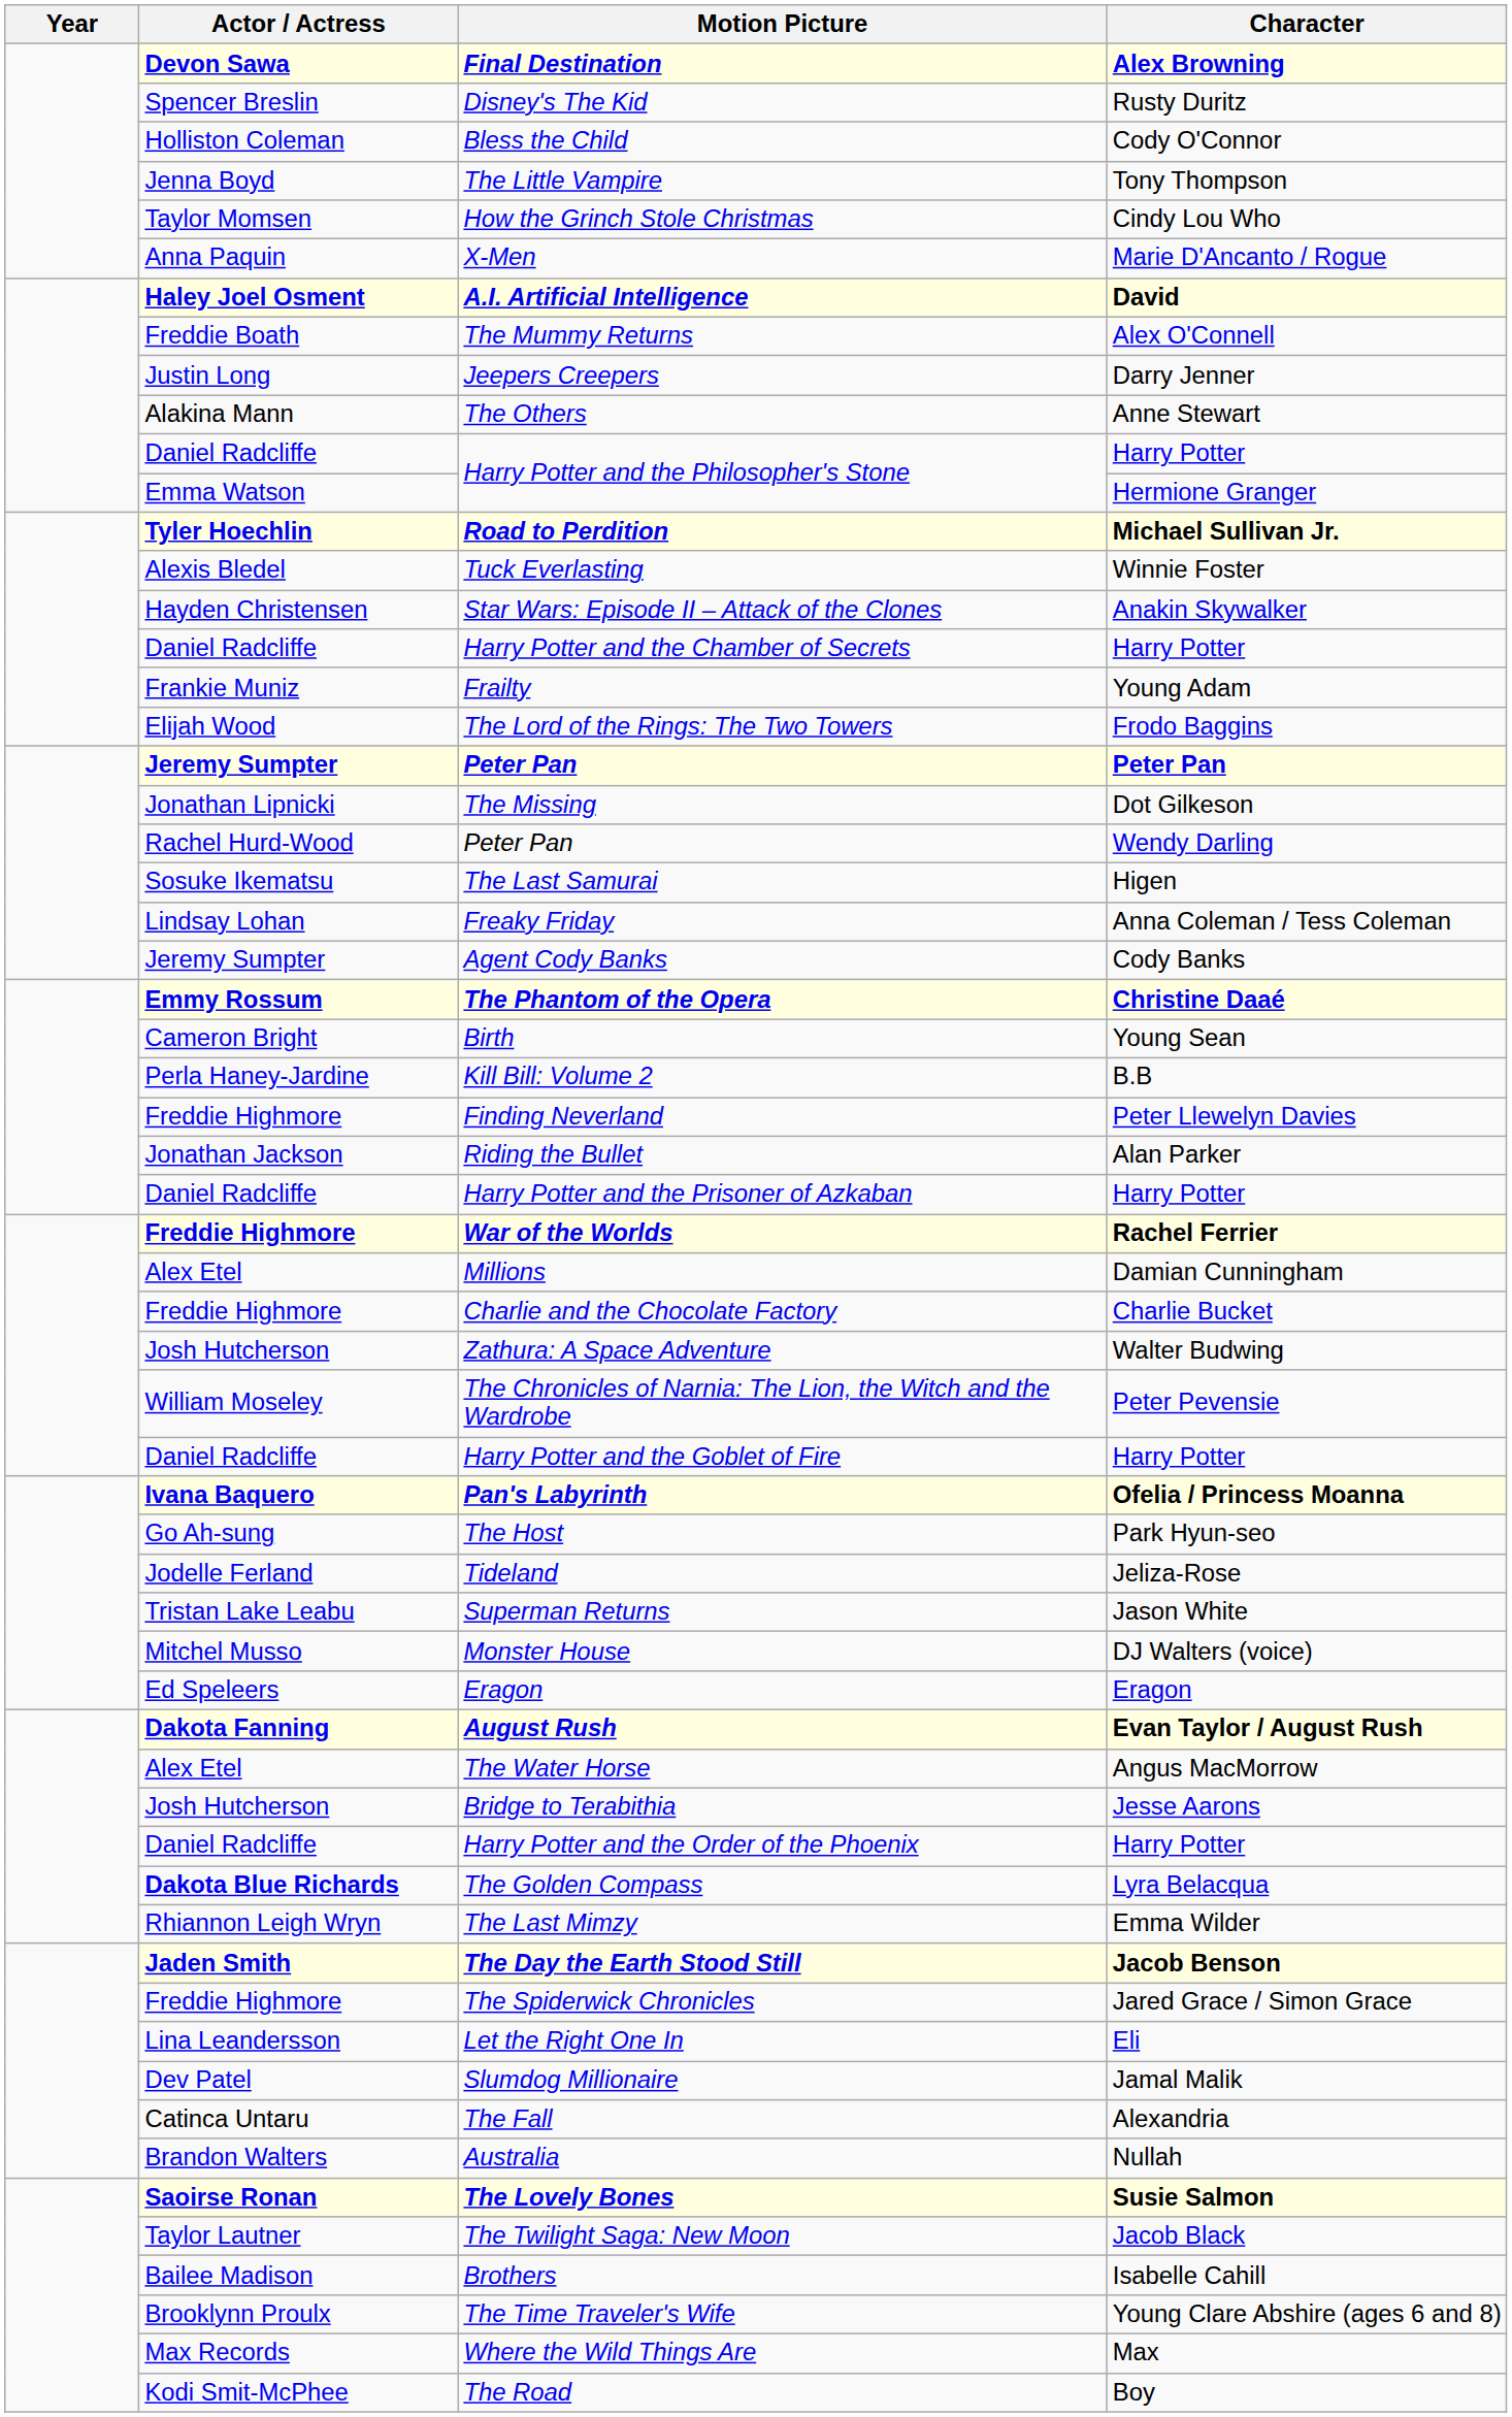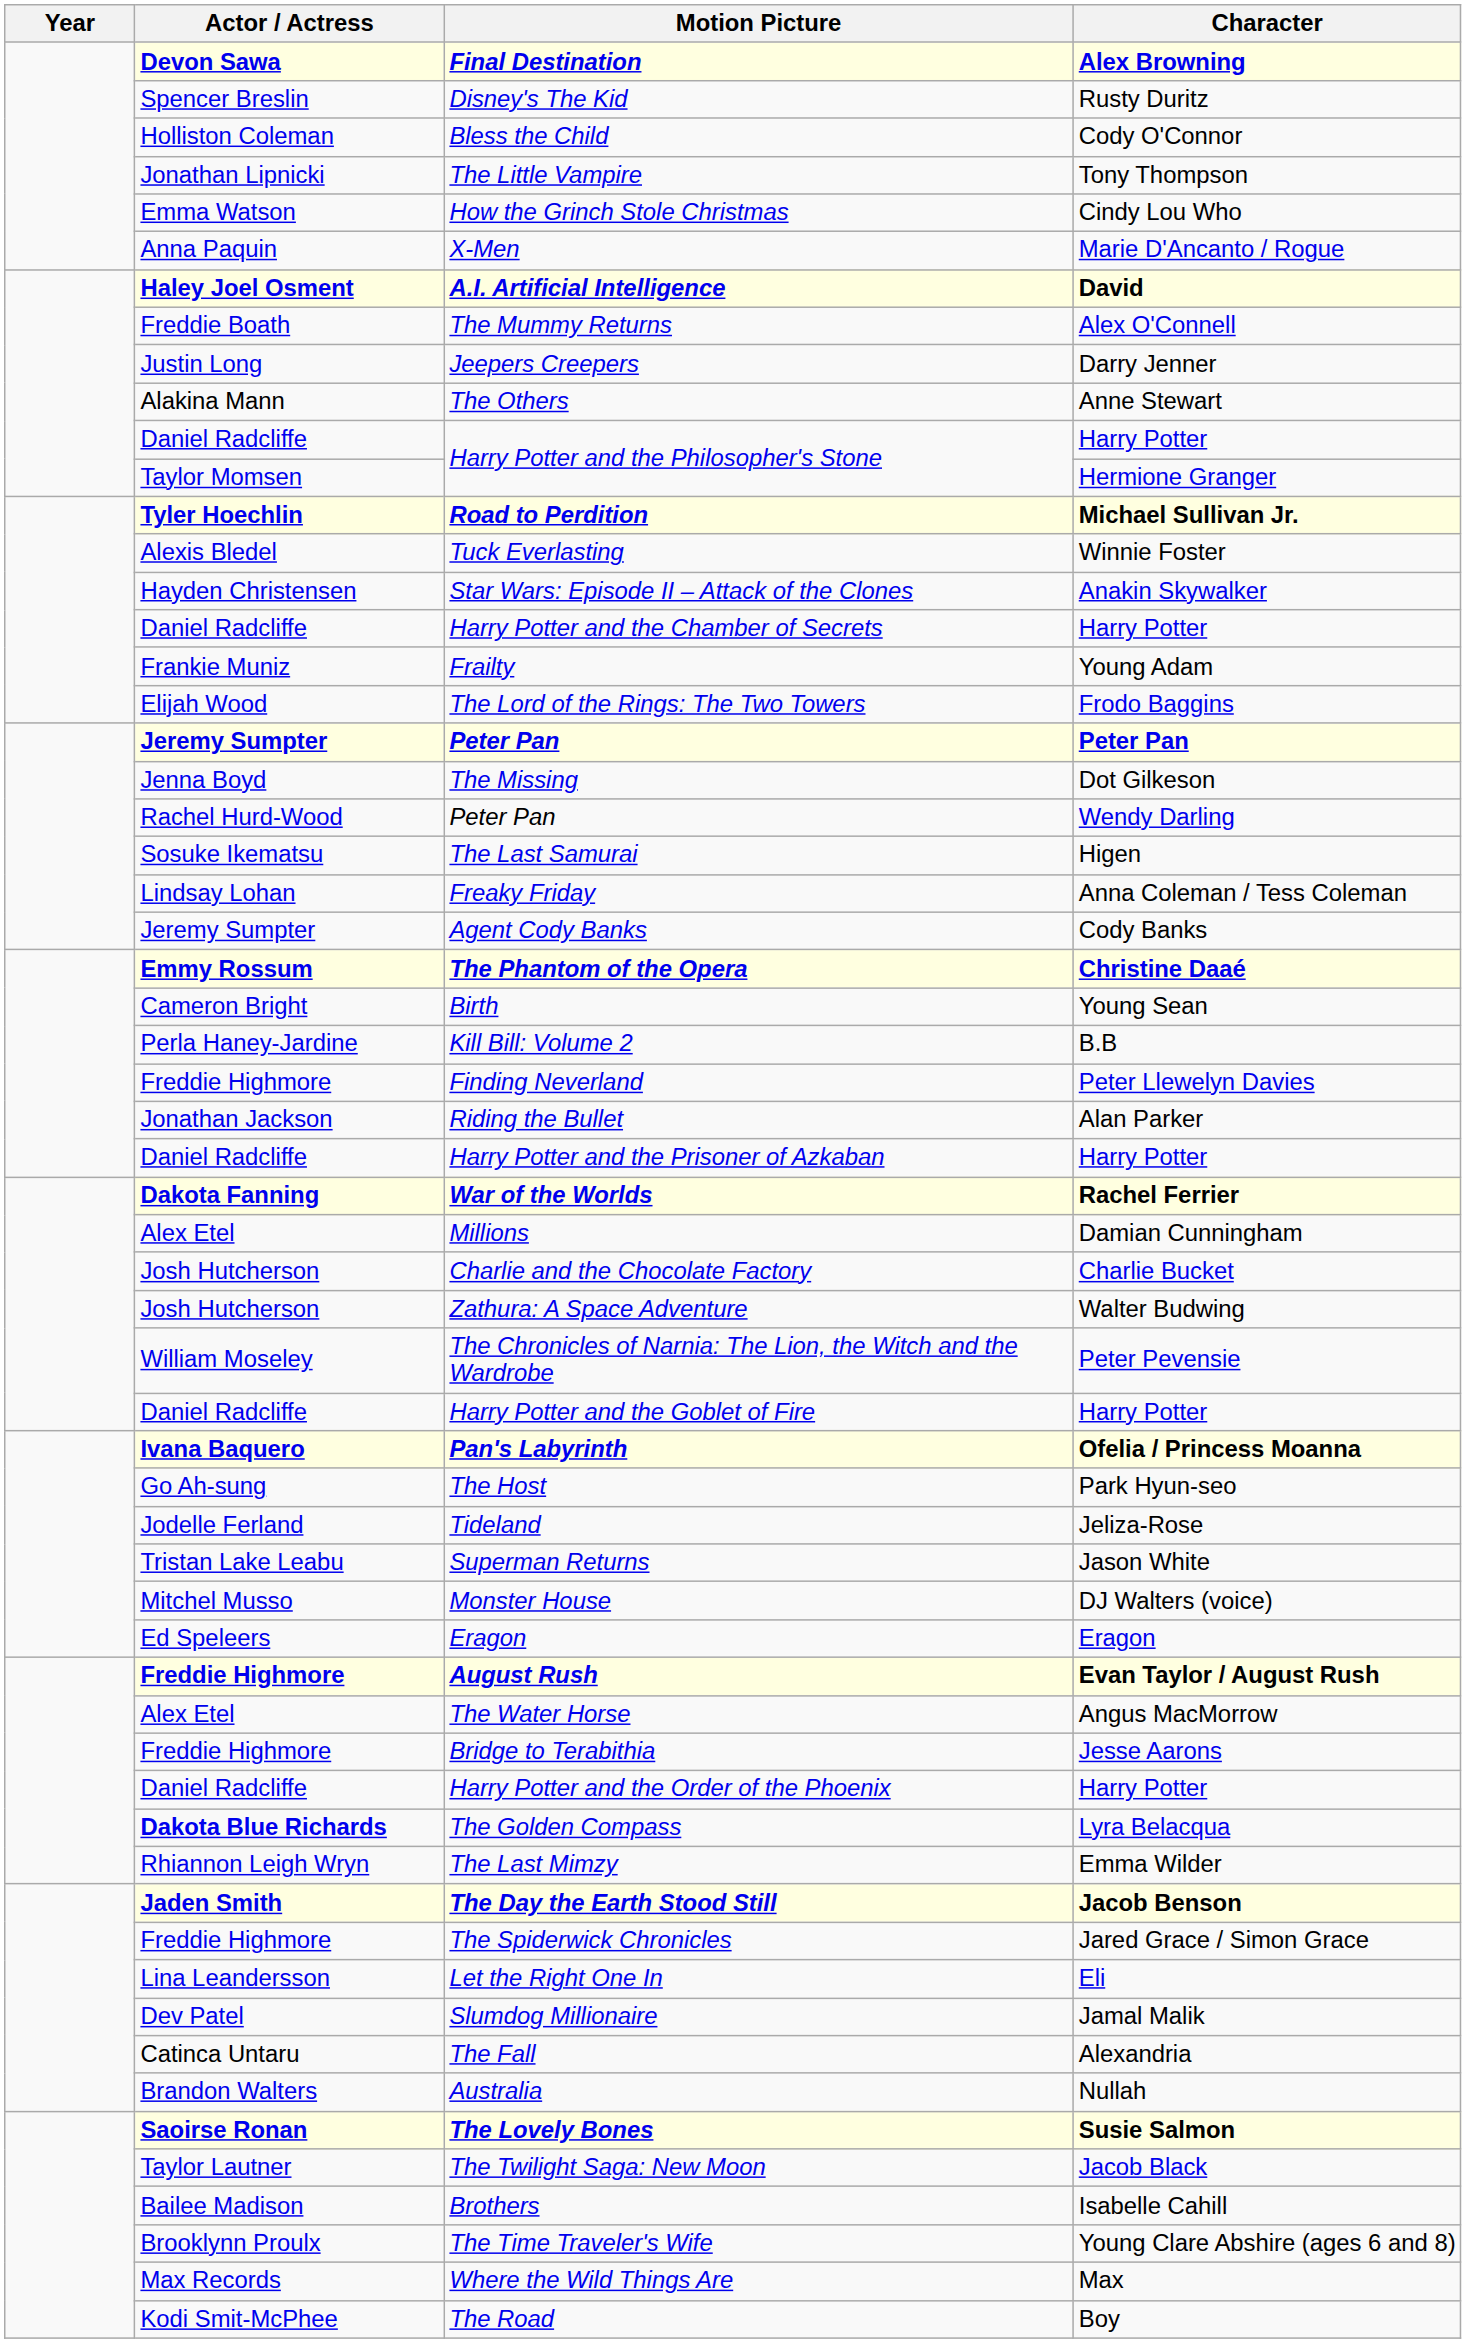 <table class="wikitable">
 <tr>
 <th width="80px">Year</th>
 <th width="200px">Actor / Actress</th>
 <th width="415px">Motion Picture</th>
 <th>Character</th>
 </tr>
 <tr>
 <td rowspan=6></td>
 <td style="background:lightyellow"><strong><a href='#'>Devon Sawa</a></strong></td>
 <td style="background:lightyellow"><strong><em><a href='#'>Final Destination</a></em></strong></td>
 <td style="background:lightyellow"><strong><a href='#'>Alex Browning</a></strong></td>
 </tr>
 <tr>
 <td><a href='#'>Spencer Breslin</a></td>
 <td><em><a href='#'>Disney's The Kid</a></em></td>
 <td>Rusty Duritz</td>
 </tr>
 <tr>
 <td><a href='#'>Holliston Coleman</a></td>
 <td><em><a href='#'>Bless the Child</a></em></td>
 <td>Cody O'Connor</td>
 </tr>
 <tr>
-<td><a href='#'>Jenna Boyd</a></td>
+<td><a href='#'>Jonathan Lipnicki</a></td>
 <td><em><a href='#'>The Little Vampire</a></em></td>
 <td>Tony Thompson</td>
 </tr>
 <tr>
-<td><a href='#'>Taylor Momsen</a></td>
+<td><a href='#'>Emma Watson</a></td>
 <td><em><a href='#'>How the Grinch Stole Christmas</a></em></td>
 <td>Cindy Lou Who</td>
 </tr>
 <tr>
 <td><a href='#'>Anna Paquin</a></td>
 <td><em><a href='#'>X-Men</a></em></td>
 <td><a href='#'>Marie D'Ancanto / Rogue</a></td>
 </tr>
 <tr>
 <td rowspan=6></td>
 <td style="background:lightyellow"><strong><a href='#'>Haley Joel Osment</a></strong></td>
 <td style="background:lightyellow"><strong><em><a href='#'>A.I. Artificial Intelligence</a></em></strong></td>
 <td style="background:lightyellow"><strong>David</strong></td>
 </tr>
 <tr>
 <td><a href='#'>Freddie Boath</a></td>
 <td><em><a href='#'>The Mummy Returns</a></em></td>
 <td><a href='#'>Alex O'Connell</a></td>
 </tr>
 <tr>
 <td><a href='#'>Justin Long</a></td>
 <td><em><a href='#'>Jeepers Creepers</a></em></td>
 <td>Darry Jenner</td>
 </tr>
 <tr>
 <td>Alakina Mann</td>
 <td><em><a href='#'>The Others</a></em></td>
 <td>Anne Stewart</td>
 </tr>
 <tr>
 <td><a href='#'>Daniel Radcliffe</a></td>
 <td rowspan="2"><em><a href='#'>Harry Potter and the Philosopher's Stone</a></em></td>
 <td><a href='#'>Harry Potter</a></td>
 </tr>
 <tr>
-<td><a href='#'>Emma Watson</a></td>
+<td><a href='#'>Taylor Momsen</a></td>
 <td><a href='#'>Hermione Granger</a></td>
 </tr>
 <tr>
 <td rowspan=6></td>
 <td style="background:lightyellow"><strong><a href='#'>Tyler Hoechlin</a></strong></td>
 <td style="background:lightyellow"><strong><em><a href='#'>Road to Perdition</a></em></strong></td>
 <td style="background:lightyellow"><strong>Michael Sullivan Jr.</strong></td>
 </tr>
 <tr>
 <td><a href='#'>Alexis Bledel</a></td>
 <td><em><a href='#'>Tuck Everlasting</a></em></td>
 <td>Winnie Foster</td>
 </tr>
 <tr>
 <td><a href='#'>Hayden Christensen</a></td>
 <td><em><a href='#'>Star Wars: Episode II – Attack of the Clones</a></em></td>
 <td><a href='#'>Anakin Skywalker</a></td>
 </tr>
 <tr>
 <td><a href='#'>Daniel Radcliffe</a></td>
 <td><em><a href='#'>Harry Potter and the Chamber of Secrets</a></em></td>
 <td><a href='#'>Harry Potter</a></td>
 </tr>
 <tr>
 <td><a href='#'>Frankie Muniz</a></td>
 <td><em><a href='#'>Frailty</a></em></td>
 <td>Young Adam</td>
 </tr>
 <tr>
 <td><a href='#'>Elijah Wood</a></td>
 <td><em><a href='#'>The Lord of the Rings: The Two Towers</a></em></td>
 <td><a href='#'>Frodo Baggins</a></td>
 </tr>
 <tr>
 <td rowspan=6></td>
 <td style="background:lightyellow"><strong><a href='#'>Jeremy Sumpter</a></strong></td>
 <td style="background:lightyellow"><strong><em><a href='#'>Peter Pan</a></em></strong></td>
 <td style="background:lightyellow"><strong><a href='#'>Peter Pan</a></strong></td>
 </tr>
 <tr>
-<td><a href='#'>Jonathan Lipnicki</a></td>
+<td><a href='#'>Jenna Boyd</a></td>
 <td><em><a href='#'>The Missing</a></em></td>
 <td>Dot Gilkeson</td>
 </tr>
 <tr>
 <td><a href='#'>Rachel Hurd-Wood</a></td>
 <td><em>Peter Pan</em></td>
 <td><a href='#'>Wendy Darling</a></td>
 </tr>
 <tr>
 <td><a href='#'>Sosuke Ikematsu</a></td>
 <td><em><a href='#'>The Last Samurai</a></em></td>
 <td>Higen</td>
 </tr>
 <tr>
 <td><a href='#'>Lindsay Lohan</a></td>
 <td><em><a href='#'>Freaky Friday</a></em></td>
 <td>Anna Coleman / Tess Coleman</td>
 </tr>
 <tr>
 <td><a href='#'>Jeremy Sumpter</a></td>
 <td><em><a href='#'>Agent Cody Banks</a></em></td>
 <td>Cody Banks</td>
 </tr>
 <tr>
 <td rowspan=6></td>
 <td style="background:lightyellow"><strong><a href='#'>Emmy Rossum</a></strong></td>
 <td style="background:lightyellow"><strong><em><a href='#'>The Phantom of the Opera</a></em></strong></td>
 <td style="background:lightyellow"><strong><a href='#'>Christine Daaé</a></strong></td>
 </tr>
 <tr>
 <td><a href='#'>Cameron Bright</a></td>
 <td><em><a href='#'>Birth</a></em></td>
 <td>Young Sean</td>
 </tr>
 <tr>
 <td><a href='#'>Perla Haney-Jardine</a></td>
 <td><em><a href='#'>Kill Bill: Volume 2</a></em></td>
 <td>B.B</td>
 </tr>
 <tr>
 <td><a href='#'>Freddie Highmore</a></td>
 <td><em><a href='#'>Finding Neverland</a></em></td>
 <td><a href='#'>Peter Llewelyn Davies</a></td>
 </tr>
 <tr>
 <td><a href='#'>Jonathan Jackson</a></td>
 <td><em><a href='#'>Riding the Bullet</a></em></td>
 <td>Alan Parker</td>
 </tr>
 <tr>
 <td><a href='#'>Daniel Radcliffe</a></td>
 <td><em><a href='#'>Harry Potter and the Prisoner of Azkaban</a></em></td>
 <td><a href='#'>Harry Potter</a></td>
 </tr>
 <tr>
 <td rowspan=6></td>
-<td style="background:lightyellow"><strong><a href='#'>Freddie Highmore</a></strong></td>
+<td style="background:lightyellow"><strong><a href='#'>Dakota Fanning</a></strong></td>
 <td style="background:lightyellow"><strong><em><a href='#'>War of the Worlds</a></em></strong></td>
 <td style="background:lightyellow"><strong>Rachel Ferrier</strong></td>
 </tr>
 <tr>
 <td><a href='#'>Alex Etel</a></td>
 <td><em><a href='#'>Millions</a></em></td>
 <td>Damian Cunningham</td>
 </tr>
 <tr>
-<td><a href='#'>Freddie Highmore</a></td>
+<td><a href='#'>Josh Hutcherson</a></td>
 <td><em><a href='#'>Charlie and the Chocolate Factory</a></em></td>
 <td><a href='#'>Charlie Bucket</a></td>
 </tr>
 <tr>
 <td><a href='#'>Josh Hutcherson</a></td>
 <td><em><a href='#'>Zathura: A Space Adventure</a></em></td>
 <td>Walter Budwing</td>
 </tr>
 <tr>
 <td><a href='#'>William Moseley</a></td>
 <td><em><a href='#'>The Chronicles of Narnia: The Lion, the Witch and the Wardrobe</a></em></td>
 <td><a href='#'>Peter Pevensie</a></td>
 </tr>
 <tr>
 <td><a href='#'>Daniel Radcliffe</a></td>
 <td><em><a href='#'>Harry Potter and the Goblet of Fire</a></em></td>
 <td><a href='#'>Harry Potter</a></td>
 </tr>
 <tr>
 <td rowspan=6></td>
 <td style="background:lightyellow"><strong><a href='#'>Ivana Baquero</a></strong></td>
 <td style="background:lightyellow"><strong><em><a href='#'>Pan's Labyrinth</a></em></strong></td>
 <td style="background:lightyellow"><strong>Ofelia / Princess Moanna</strong></td>
 </tr>
 <tr>
 <td><a href='#'>Go Ah-sung</a></td>
 <td><em><a href='#'>The Host</a></em></td>
 <td>Park Hyun-seo</td>
 </tr>
 <tr>
 <td><a href='#'>Jodelle Ferland</a></td>
 <td><em><a href='#'>Tideland</a></em></td>
 <td>Jeliza-Rose</td>
 </tr>
 <tr>
 <td><a href='#'>Tristan Lake Leabu</a></td>
 <td><em><a href='#'>Superman Returns</a></em></td>
 <td>Jason White</td>
 </tr>
 <tr>
 <td><a href='#'>Mitchel Musso</a></td>
 <td><em><a href='#'>Monster House</a></em></td>
 <td>DJ Walters (voice)</td>
 </tr>
 <tr>
 <td><a href='#'>Ed Speleers</a></td>
 <td><em><a href='#'>Eragon</a></em></td>
 <td><a href='#'>Eragon</a></td>
 </tr>
 <tr>
 <td rowspan=6></td>
-<td style="background:lightyellow"><strong><a href='#'>Dakota Fanning</a></strong></td>
+<td style="background:lightyellow"><strong><a href='#'>Freddie Highmore</a></strong></td>
 <td style="background:lightyellow"><strong><em><a href='#'>August Rush</a></em></strong></td>
 <td style="background:lightyellow"><strong>Evan Taylor / August Rush</strong></td>
 </tr>
 <tr>
 <td><a href='#'>Alex Etel</a></td>
 <td><em><a href='#'>The Water Horse</a></em></td>
 <td>Angus MacMorrow</td>
 </tr>
 <tr>
-<td><a href='#'>Josh Hutcherson</a></td>
+<td><a href='#'>Freddie Highmore</a></td>
 <td><em><a href='#'>Bridge to Terabithia</a></em></td>
 <td><a href='#'>Jesse Aarons</a></td>
 </tr>
 <tr>
 <td><a href='#'>Daniel Radcliffe</a></td>
 <td><em><a href='#'>Harry Potter and the Order of the Phoenix</a></em></td>
 <td><a href='#'>Harry Potter</a></td>
 </tr>
 <tr>
 <td><strong><a href='#'>Dakota Blue Richards</a></strong></td>
 <td><em><a href='#'>The Golden Compass</a></em></td>
 <td><a href='#'>Lyra Belacqua</a></td>
 </tr>
 <tr>
 <td><a href='#'>Rhiannon Leigh Wryn</a></td>
 <td><em><a href='#'>The Last Mimzy</a></em></td>
 <td>Emma Wilder</td>
 </tr>
 <tr>
 <td rowspan=6></td>
 <td style="background:lightyellow"><strong><a href='#'>Jaden Smith</a></strong></td>
 <td style="background:lightyellow"><strong><em><a href='#'>The Day the Earth Stood Still</a></em></strong></td>
 <td style="background:lightyellow"><strong>Jacob Benson</strong></td>
 </tr>
 <tr>
 <td><a href='#'>Freddie Highmore</a></td>
 <td><em><a href='#'>The Spiderwick Chronicles</a></em></td>
 <td>Jared Grace / Simon Grace</td>
 </tr>
 <tr>
 <td><a href='#'>Lina Leandersson</a></td>
 <td><em><a href='#'>Let the Right One In</a></em></td>
 <td><a href='#'>Eli</a></td>
 </tr>
 <tr>
 <td><a href='#'>Dev Patel</a></td>
 <td><em><a href='#'>Slumdog Millionaire</a></em></td>
 <td>Jamal Malik</td>
 </tr>
 <tr>
 <td>Catinca Untaru</td>
 <td><em><a href='#'>The Fall</a></em></td>
 <td>Alexandria</td>
 </tr>
 <tr>
 <td><a href='#'>Brandon Walters</a></td>
 <td><em><a href='#'>Australia</a></em></td>
 <td>Nullah</td>
 </tr>
 <tr>
 <td rowspan=6></td>
 <td style="background:lightyellow"><strong><a href='#'>Saoirse Ronan</a></strong></td>
 <td style="background:lightyellow"><strong><em><a href='#'>The Lovely Bones</a></em></strong></td>
 <td style="background:lightyellow"><strong>Susie Salmon</strong></td>
 </tr>
 <tr>
 <td><a href='#'>Taylor Lautner</a></td>
 <td><em><a href='#'>The Twilight Saga: New Moon</a></em></td>
 <td><a href='#'>Jacob Black</a></td>
 </tr>
 <tr>
 <td><a href='#'>Bailee Madison</a></td>
 <td><em><a href='#'>Brothers</a></em></td>
 <td>Isabelle Cahill</td>
 </tr>
 <tr>
 <td><a href='#'>Brooklynn Proulx</a></td>
 <td><em><a href='#'>The Time Traveler's Wife</a></em></td>
 <td>Young Clare Abshire (ages 6 and 8)</td>
 </tr>
 <tr>
 <td><a href='#'>Max Records</a></td>
 <td><em><a href='#'>Where the Wild Things Are</a></em></td>
 <td>Max</td>
 </tr>
 <tr>
 <td><a href='#'>Kodi Smit-McPhee</a></td>
 <td><em><a href='#'>The Road</a></em></td>
 <td>Boy</td>
 </tr>
 </table>
